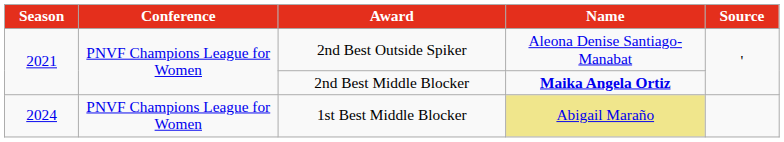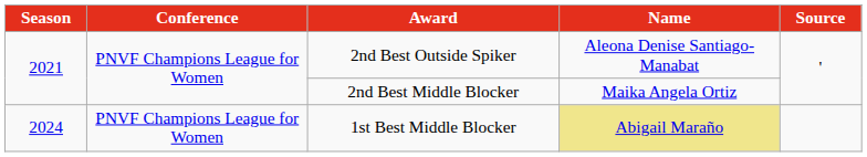 <table class="wikitable">
 <tr>
 <th width=70px style="background: #E42F1C; color: white; text-align: center">Season</th>
 <th width=200px style="background: #E42F1C; color: white; text-align: center">Conference</th>
 <th width=230px style="background: #E42F1C; color: white; text-align: center">Award</th>
 <th width=200px style="background: #E42F1C; color: white; text-align: center">Name</th>
 <th width=70px style="background: #E42F1C; color: white; text-align: center">Source</th>
 </tr>
 <tr align=center>
 <td rowspan=2><a href='#'>2021</a></td>
 <td rowspan=2><a href='#'>PNVF Champions League for Women</a></td>
 <td>2nd Best Outside Spiker</td>
 <td> <a href='#'>Aleona Denise Santiago-Manabat</a></td>
 <td rowspan="2">'</td>
 </tr>
 <tr align=center>
 <td>2nd Best Middle Blocker</td>
-<td><strong> <a href='#'>Maika Angela Ortiz</a></strong></td>
+<td> <a href='#'>Maika Angela Ortiz</a></td>
 </tr>
 <tr align=center>
 <td rowspan=2><a href='#'>2024</a></td>
 <td rowspan=2><a href='#'>PNVF Champions League for Women</a></td>
 <td>1st Best Middle Blocker</td>
 <td style="background: khaki;"> <a href='#'>Abigail Maraño</a></td>
 <td></td>
 </tr>
 </table>
